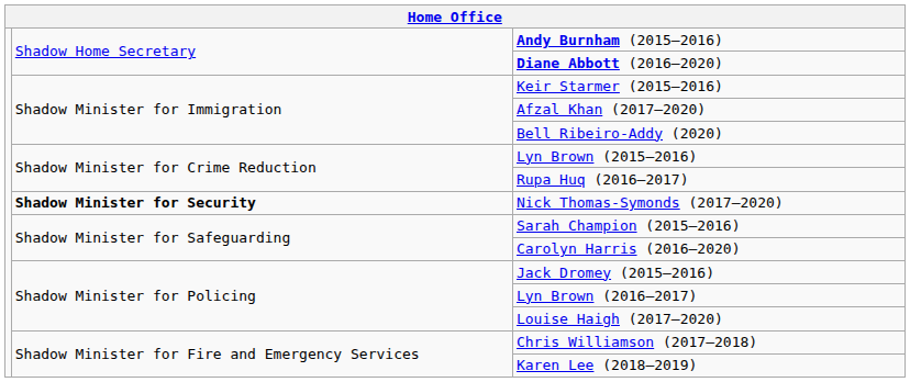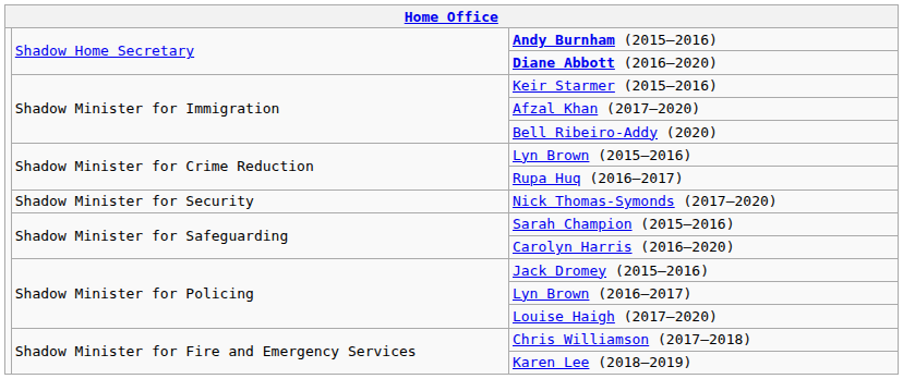 <table class="wikitable">
 <tr>
 <th colspan="3"><a href='#'>Home Office</a></th>
 </tr>
 <tr>
 <td rowspan="15" style="background: "></td>
 <td rowspan="2" style="width: 450px;"><a href='#'>Shadow Home Secretary</a></td>
 <td style="width: 350px;"><strong><a href='#'>Andy Burnham</a></strong> (2015–2016)</td>
 </tr>
 <tr>
 <td><strong><a href='#'>Diane Abbott</a></strong> (2016–2020)</td>
 </tr>
 <tr>
 <td rowspan="3">Shadow Minister for Immigration</td>
 <td><a href='#'>Keir Starmer</a> (2015–2016)</td>
 </tr>
 <tr>
 <td><a href='#'>Afzal Khan</a> (2017–2020)</td>
 </tr>
 <tr>
 <td><a href='#'>Bell Ribeiro-Addy</a> (2020)</td>
 </tr>
 <tr>
 <td rowspan="2">Shadow Minister for Crime Reduction</td>
 <td><a href='#'>Lyn Brown</a> (2015–2016)</td>
 </tr>
 <tr>
 <td><a href='#'>Rupa Huq</a> (2016–2017)</td>
 </tr>
 <tr>
-<td><strong>Shadow Minister for Security</strong></td>
+<td>Shadow Minister for Security</td>
 <td><a href='#'>Nick Thomas-Symonds</a> (2017–2020)</td>
 </tr>
 <tr>
 <td rowspan="2">Shadow Minister for Safeguarding</td>
 <td><a href='#'>Sarah Champion</a> (2015–2016)</td>
 </tr>
 <tr>
 <td><a href='#'>Carolyn Harris</a> (2016–2020)</td>
 </tr>
 <tr>
 <td rowspan="3">Shadow Minister for Policing</td>
 <td><a href='#'>Jack Dromey</a> (2015–2016)</td>
 </tr>
 <tr>
 <td><a href='#'>Lyn Brown</a> (2016–2017)</td>
 </tr>
 <tr>
 <td><a href='#'>Louise Haigh</a> (2017–2020)</td>
 </tr>
 <tr>
 <td rowspan="2">Shadow Minister for Fire and Emergency Services</td>
 <td><a href='#'>Chris Williamson</a> (2017–2018)</td>
 </tr>
 <tr>
 <td><a href='#'>Karen Lee</a> (2018–2019)</td>
 </tr>
 </table>
